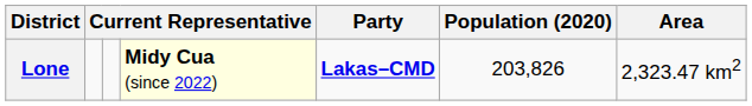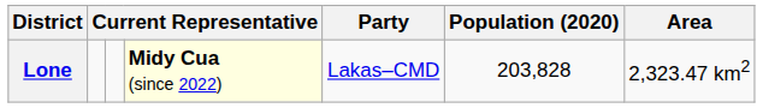 <table class="wikitable sortable" style="margin: 1em auto; font-size:100%; line-height:20px; text-align:center">
 <tr>
 <th>District</th>
 <th colspan="3">Current Representative</th>
 <th>Party</th>
 <th>Population (2020)</th>
 <th>Area</th>
 </tr>
 <tr>
 <th><a href='#'>Lone</a></th>
 <td style="background:"></td>
 <td></td>
 <td style="background: lightyellow; text-align:left;"><strong>Midy Cua</strong><br><small>(since <a href='#'>2022</a>)</small></td>
-<td><strong><a href='#'>Lakas–CMD</a></strong></td>
-<td>203,826</td>
+<td><a href='#'>Lakas–CMD</a></td>
+<td>203,828</td>
 <td>2,323.47 km<sup>2</sup></td>
 </tr>
 </table>
